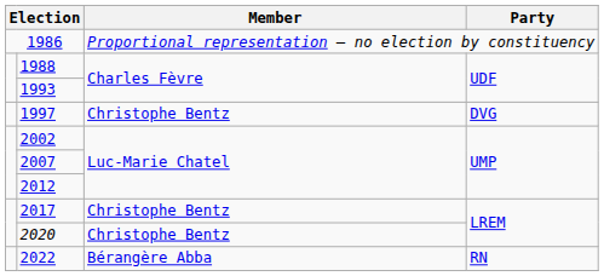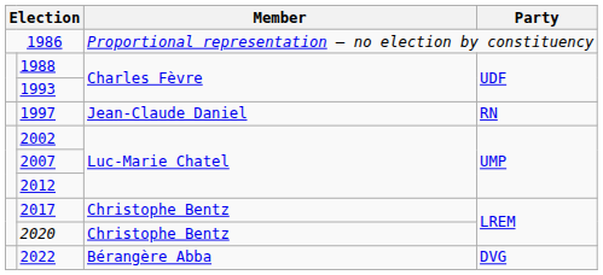 <table class="wikitable">
 <tr>
 <th colspan="2">Election</th>
 <th>Member</th>
 <th>Party</th>
 </tr>
 <tr>
 <td colspan="2" align="center"><a href='#'>1986</a></td>
 <td colspan="2"><em><a href='#'>Proportional representation</a> – no election by constituency</em></td>
 </tr>
 <tr>
 <td rowspan="2" style="background-color: "></td>
 <td><a href='#'>1988</a></td>
 <td rowspan="2"><a href='#'>Charles Fèvre</a></td>
 <td rowspan="2"><a href='#'>UDF</a></td>
 </tr>
 <tr>
 <td><a href='#'>1993</a></td>
 </tr>
 <tr>
 <td style="color:inherit;background-color: "></td>
 <td><a href='#'>1997</a></td>
-<td><a href='#'>Christophe Bentz</a></td>
-<td><a href='#'>DVG</a></td>
+<td><a href='#'>Jean-Claude Daniel</a></td>
+<td><a href='#'>RN</a></td>
 </tr>
 <tr>
 <td rowspan="3" style="background-color: "></td>
 <td><a href='#'>2002</a></td>
 <td rowspan="3"><a href='#'>Luc-Marie Chatel</a></td>
 <td rowspan="3"><a href='#'>UMP</a></td>
 </tr>
 <tr>
 <td><a href='#'>2007</a></td>
 </tr>
 <tr>
 <td><a href='#'>2012</a></td>
 </tr>
 <tr>
 <td rowspan="2" style="background-color: "></td>
 <td><a href='#'>2017</a></td>
 <td><a href='#'>Christophe Bentz</a></td>
 <td rowspan="2"><a href='#'>LREM</a></td>
 </tr>
 <tr>
 <td><em>2020</em></td>
 <td><a href='#'>Christophe Bentz</a></td>
 </tr>
 <tr>
 <td style="color:inherit;background-color: "></td>
 <td><a href='#'>2022</a></td>
 <td><a href='#'>Bérangère Abba</a></td>
-<td><a href='#'>RN</a></td>
+<td><a href='#'>DVG</a></td>
 </tr>
 </table>
